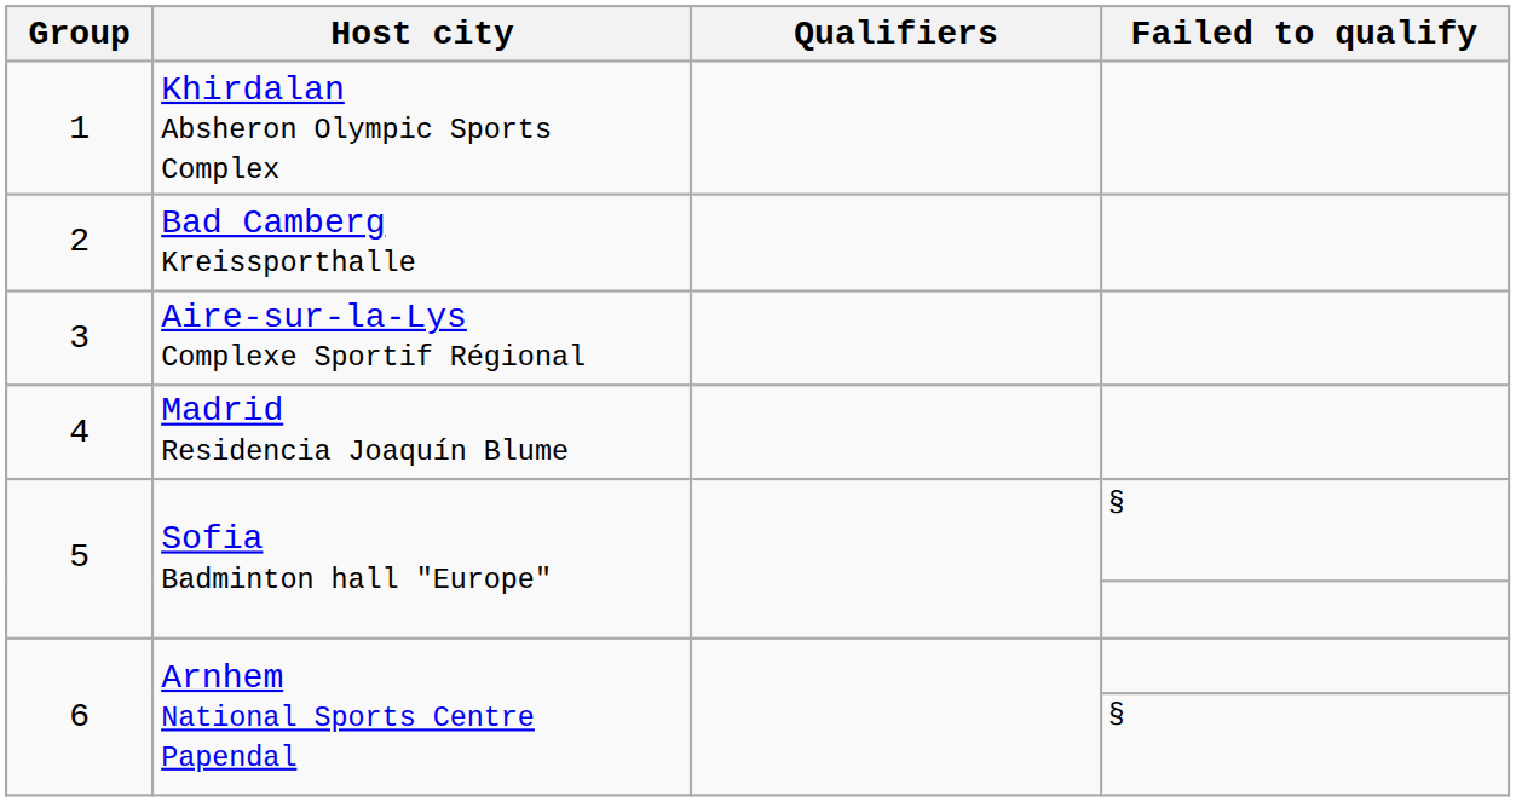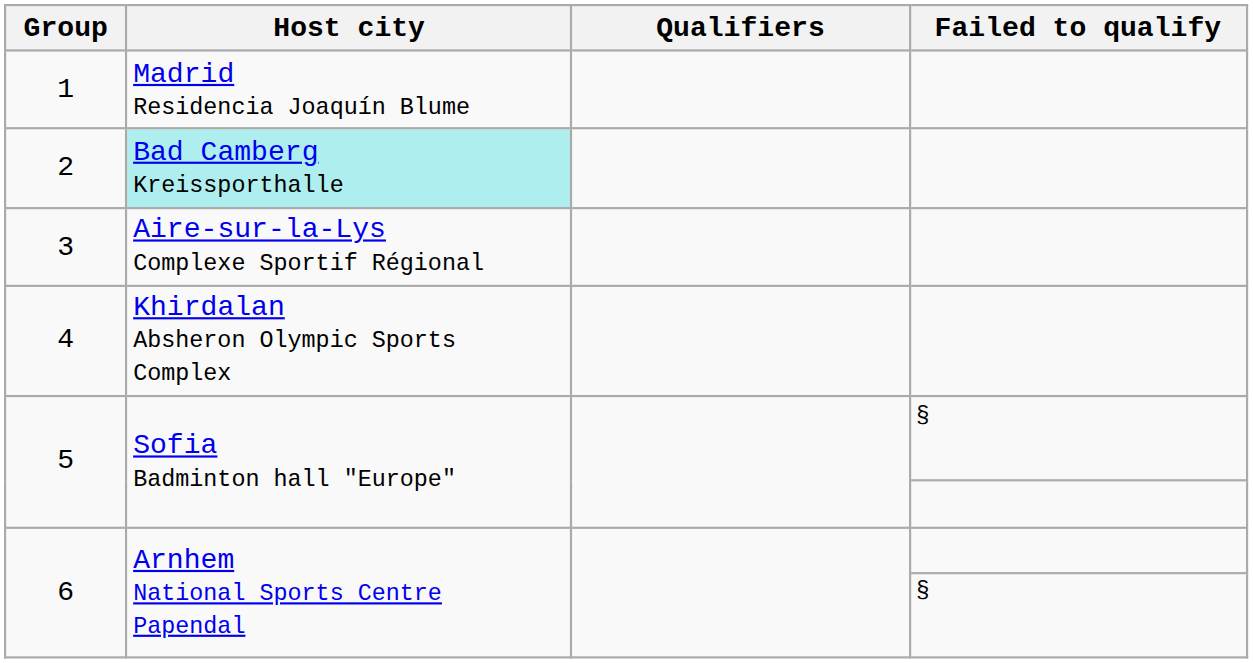 <table class="wikitable">
 <tr>
 <th width="50">Group</th>
 <th width="200">Host city</th>
 <th width="150">Qualifiers</th>
 <th width="150">Failed to qualify</th>
 </tr>
 <tr>
 <td align="center">1</td>
-<td align="left"> <a href='#'>Khirdalan</a><br><small>Absheron Olympic Sports Complex</small></td>
+<td align="left"> <a href='#'>Madrid</a><br><small>Residencia Joaquín Blume</small></td>
 <td></td>
 <td><br><br></td>
 </tr>
 <tr>
 <td align="center">2</td>
-<td align="left"> <a href='#'>Bad Camberg</a><br><small>Kreissporthalle</small></td>
+<td align="left" style="background: paleturquoise;"> <a href='#'>Bad Camberg</a><br><small>Kreissporthalle</small></td>
 <td></td>
 <td></td>
 </tr>
 <tr>
 <td align="center">3</td>
 <td align="left"> <a href='#'>Aire-sur-la-Lys</a><br><small>Complexe Sportif Régional</small></td>
 <td></td>
 <td><br><br></td>
 </tr>
 <tr>
 <td align="center">4</td>
-<td align="left"> <a href='#'>Madrid</a><br><small>Residencia Joaquín Blume</small></td>
+<td align="left"> <a href='#'>Khirdalan</a><br><small>Absheron Olympic Sports Complex</small></td>
 <td></td>
 <td><br><br></td>
 </tr>
 <tr>
 <td align="center" rowspan="2">5</td>
 <td align="left" rowspan="2"> <a href='#'>Sofia</a><br><small>Badminton hall "Europe"</small></td>
 <td rowspan="2"></td>
 <td><sup>§</sup><br><br></td>
 </tr>
 <tr>
 <td><br></td>
 </tr>
 <tr>
 <td align="center" rowspan="2">6</td>
 <td align="left" rowspan="2"> <a href='#'>Arnhem</a><br><small><a href='#'>National Sports Centre Papendal</a></small></td>
 <td rowspan="2"></td>
 <td><br></td>
 </tr>
 <tr>
 <td><sup>§</sup><br><br></td>
 </tr>
 </table>
